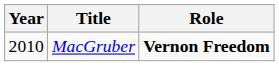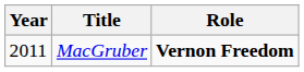 <table class="wikitable sortable" style="float: centre; margin-centre: 0; margin-centre: 1em;">
 <tr>
 <th>Year</th>
 <th>Title</th>
 <th>Role</th>
 </tr>
 <tr>
-<td>2010</td>
+<td>2011</td>
 <td><em><a href='#'>MacGruber</a></em></td>
 <td><strong>Vernon Freedom</strong></td>
 </tr>
 </table>
